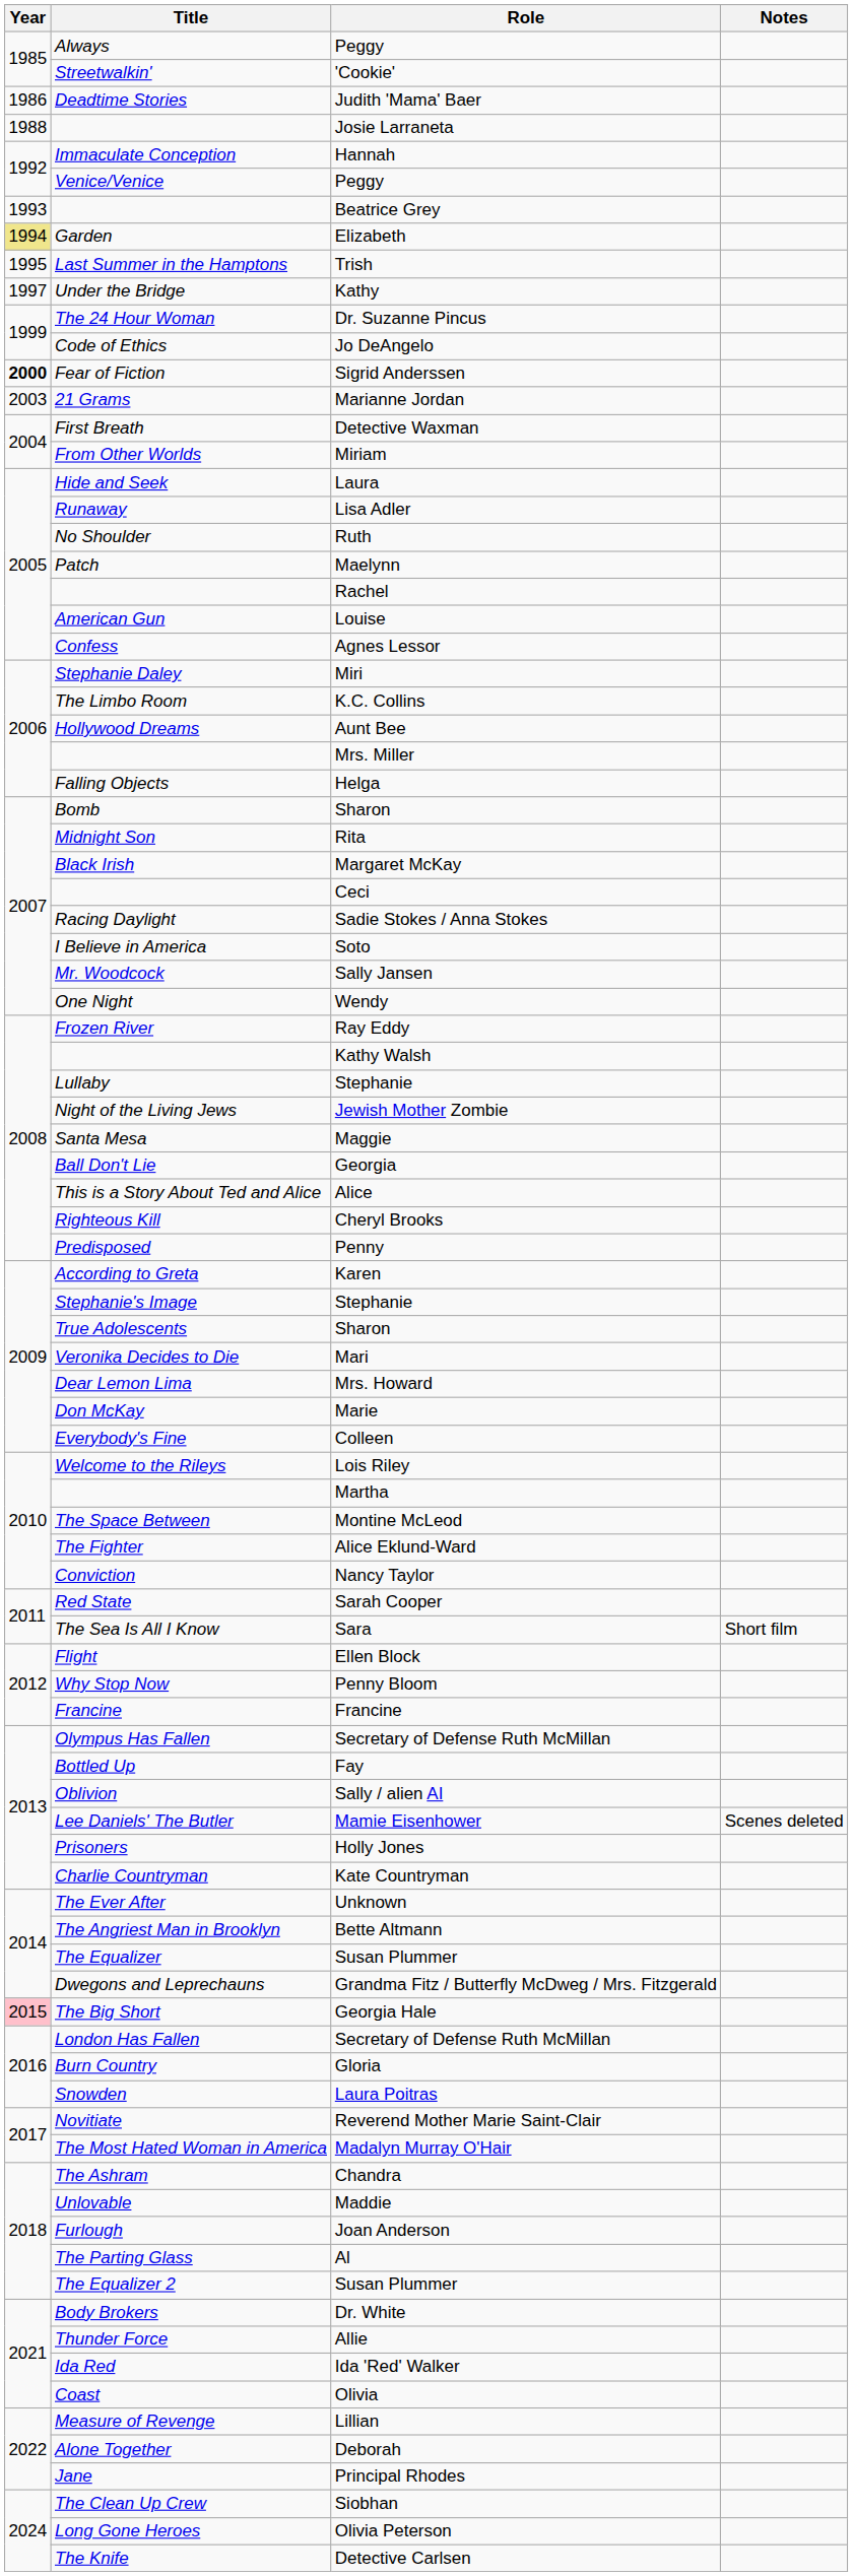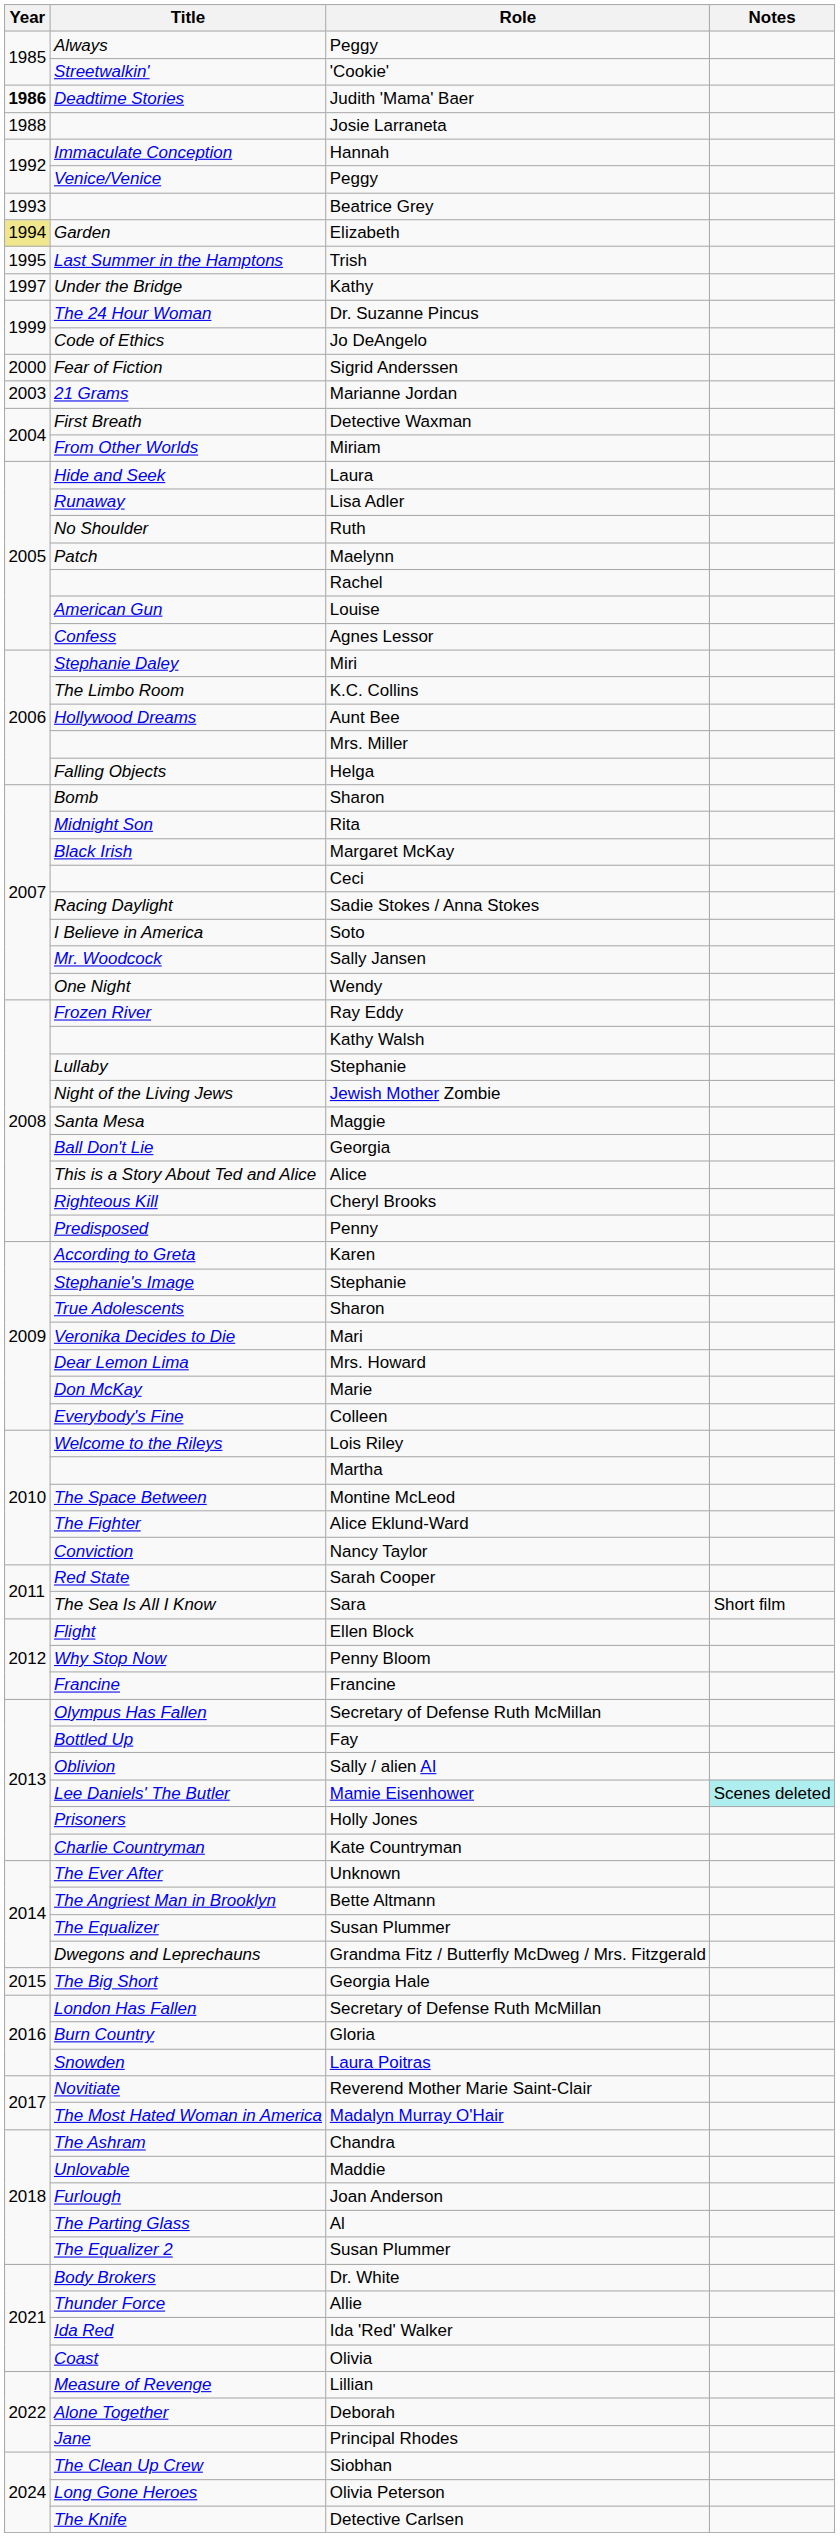 <table class="wikitable sortable">
 <tr>
 <th>Year</th>
 <th>Title</th>
 <th>Role</th>
 <th>Notes</th>
 </tr>
 <tr>
 <td rowspan="2">1985</td>
 <td><em>Always</em></td>
 <td>Peggy</td>
 <td></td>
 </tr>
 <tr>
 <td><em><a href='#'>Streetwalkin'</a></em></td>
 <td>'Cookie'</td>
 <td></td>
 </tr>
 <tr>
-<td>1986</td>
+<td><strong>1986</strong></td>
 <td><em><a href='#'>Deadtime Stories</a></em></td>
 <td>Judith 'Mama' Baer</td>
 <td></td>
 </tr>
 <tr>
 <td>1988</td>
 <td><em></em></td>
 <td>Josie Larraneta</td>
 <td></td>
 </tr>
 <tr>
 <td rowspan="2">1992</td>
 <td><em><a href='#'>Immaculate Conception</a></em></td>
 <td>Hannah</td>
 <td></td>
 </tr>
 <tr>
 <td><em><a href='#'>Venice/Venice</a></em></td>
 <td>Peggy</td>
 <td></td>
 </tr>
 <tr>
 <td>1993</td>
 <td><em></em></td>
 <td>Beatrice Grey</td>
 <td></td>
 </tr>
 <tr>
 <td style="background: khaki;">1994</td>
 <td><em>Garden</em></td>
 <td>Elizabeth</td>
 <td></td>
 </tr>
 <tr>
 <td>1995</td>
 <td><em><a href='#'>Last Summer in the Hamptons</a></em></td>
 <td>Trish</td>
 <td></td>
 </tr>
 <tr>
 <td>1997</td>
 <td><em>Under the Bridge</em></td>
 <td>Kathy</td>
 <td></td>
 </tr>
 <tr>
 <td rowspan="2">1999</td>
 <td><em><a href='#'>The 24 Hour Woman</a></em></td>
 <td>Dr. Suzanne Pincus</td>
 <td></td>
 </tr>
 <tr>
 <td><em>Code of Ethics</em></td>
 <td>Jo DeAngelo</td>
 <td></td>
 </tr>
 <tr>
-<td><strong>2000</strong></td>
+<td>2000</td>
 <td><em>Fear of Fiction</em></td>
 <td>Sigrid Anderssen</td>
 <td></td>
 </tr>
 <tr>
 <td>2003</td>
 <td><em><a href='#'>21 Grams</a></em></td>
 <td>Marianne Jordan</td>
 <td></td>
 </tr>
 <tr>
 <td rowspan="2">2004</td>
 <td><em>First Breath</em></td>
 <td>Detective Waxman</td>
 <td></td>
 </tr>
 <tr>
 <td><em><a href='#'>From Other Worlds</a></em></td>
 <td>Miriam</td>
 <td></td>
 </tr>
 <tr>
 <td rowspan="7">2005</td>
 <td><em><a href='#'>Hide and Seek</a></em></td>
 <td>Laura</td>
 <td></td>
 </tr>
 <tr>
 <td><em><a href='#'>Runaway</a></em></td>
 <td>Lisa Adler</td>
 <td></td>
 </tr>
 <tr>
 <td><em>No Shoulder</em></td>
 <td>Ruth</td>
 <td></td>
 </tr>
 <tr>
 <td><em>Patch</em></td>
 <td>Maelynn</td>
 <td></td>
 </tr>
 <tr>
 <td><em></em></td>
 <td>Rachel</td>
 <td></td>
 </tr>
 <tr>
 <td><em><a href='#'>American Gun</a></em></td>
 <td>Louise</td>
 <td></td>
 </tr>
 <tr>
 <td><em><a href='#'>Confess</a></em></td>
 <td>Agnes Lessor</td>
 <td></td>
 </tr>
 <tr>
 <td rowspan="5">2006</td>
 <td><em><a href='#'>Stephanie Daley</a></em></td>
 <td>Miri</td>
 <td></td>
 </tr>
 <tr>
 <td><em>The Limbo Room</em></td>
 <td>K.C. Collins</td>
 <td></td>
 </tr>
 <tr>
 <td><em><a href='#'>Hollywood Dreams</a></em></td>
 <td>Aunt Bee</td>
 <td></td>
 </tr>
 <tr>
 <td><em></em></td>
 <td>Mrs. Miller</td>
 <td></td>
 </tr>
 <tr>
 <td><em>Falling Objects</em></td>
 <td>Helga</td>
 <td></td>
 </tr>
 <tr>
 <td rowspan="8">2007</td>
 <td><em>Bomb</em></td>
 <td>Sharon</td>
 <td></td>
 </tr>
 <tr>
 <td><em><a href='#'>Midnight Son</a></em></td>
 <td>Rita</td>
 <td></td>
 </tr>
 <tr>
 <td><em><a href='#'>Black Irish</a></em></td>
 <td>Margaret McKay</td>
 <td></td>
 </tr>
 <tr>
 <td><em></em></td>
 <td>Ceci</td>
 <td></td>
 </tr>
 <tr>
 <td><em>Racing Daylight</em></td>
 <td>Sadie Stokes / Anna Stokes</td>
 <td></td>
 </tr>
 <tr>
 <td><em>I Believe in America</em></td>
 <td>Soto</td>
 <td></td>
 </tr>
 <tr>
 <td><em><a href='#'>Mr. Woodcock</a></em></td>
 <td>Sally Jansen</td>
 <td></td>
 </tr>
 <tr>
 <td><em>One Night</em></td>
 <td>Wendy</td>
 <td></td>
 </tr>
 <tr>
 <td rowspan="9">2008</td>
 <td><em><a href='#'>Frozen River</a></em></td>
 <td>Ray Eddy</td>
 <td></td>
 </tr>
 <tr>
 <td><em></em></td>
 <td>Kathy Walsh</td>
 <td></td>
 </tr>
 <tr>
 <td><em>Lullaby</em></td>
 <td>Stephanie</td>
 <td></td>
 </tr>
 <tr>
 <td><em>Night of the Living Jews</em></td>
 <td><a href='#'>Jewish Mother</a> Zombie</td>
 <td></td>
 </tr>
 <tr>
 <td><em>Santa Mesa</em></td>
 <td>Maggie</td>
 <td></td>
 </tr>
 <tr>
 <td><em><a href='#'>Ball Don't Lie</a></em></td>
 <td>Georgia</td>
 <td></td>
 </tr>
 <tr>
 <td><em>This is a Story About Ted and Alice</em></td>
 <td>Alice</td>
 <td></td>
 </tr>
 <tr>
 <td><em><a href='#'>Righteous Kill</a></em></td>
 <td>Cheryl Brooks</td>
 <td></td>
 </tr>
 <tr>
 <td><em><a href='#'>Predisposed</a></em></td>
 <td>Penny</td>
 <td></td>
 </tr>
 <tr>
 <td rowspan="7">2009</td>
 <td><em><a href='#'>According to Greta</a></em></td>
 <td>Karen</td>
 <td></td>
 </tr>
 <tr>
 <td><em><a href='#'>Stephanie's Image</a></em></td>
 <td>Stephanie</td>
 <td></td>
 </tr>
 <tr>
 <td><em><a href='#'>True Adolescents</a></em></td>
 <td>Sharon</td>
 <td></td>
 </tr>
 <tr>
 <td><em><a href='#'>Veronika Decides to Die</a></em></td>
 <td>Mari</td>
 <td></td>
 </tr>
 <tr>
 <td><em><a href='#'>Dear Lemon Lima</a></em></td>
 <td>Mrs. Howard</td>
 <td></td>
 </tr>
 <tr>
 <td><em><a href='#'>Don McKay</a></em></td>
 <td>Marie</td>
 <td></td>
 </tr>
 <tr>
 <td><em><a href='#'>Everybody's Fine</a></em></td>
 <td>Colleen</td>
 <td></td>
 </tr>
 <tr>
 <td rowspan="5">2010</td>
 <td><em><a href='#'>Welcome to the Rileys</a></em></td>
 <td>Lois Riley</td>
 <td></td>
 </tr>
 <tr>
 <td><em></em></td>
 <td>Martha</td>
 <td></td>
 </tr>
 <tr>
 <td><em><a href='#'>The Space Between</a></em></td>
 <td>Montine McLeod</td>
 <td></td>
 </tr>
 <tr>
 <td><em><a href='#'>The Fighter</a></em></td>
 <td>Alice Eklund-Ward</td>
 <td></td>
 </tr>
 <tr>
 <td><em><a href='#'>Conviction</a></em></td>
 <td>Nancy Taylor</td>
 <td></td>
 </tr>
 <tr>
 <td rowspan="2">2011</td>
 <td><em><a href='#'>Red State</a></em></td>
 <td>Sarah Cooper</td>
 <td></td>
 </tr>
 <tr>
 <td><em>The Sea Is All I Know</em></td>
 <td>Sara</td>
 <td>Short film</td>
 </tr>
 <tr>
 <td rowspan="3">2012</td>
 <td><em><a href='#'>Flight</a></em></td>
 <td>Ellen Block</td>
 <td></td>
 </tr>
 <tr>
 <td><em><a href='#'>Why Stop Now</a></em></td>
 <td>Penny Bloom</td>
 <td></td>
 </tr>
 <tr>
 <td><em><a href='#'>Francine</a></em></td>
 <td>Francine</td>
 <td></td>
 </tr>
 <tr>
 <td rowspan="6">2013</td>
 <td><em><a href='#'>Olympus Has Fallen</a></em></td>
 <td>Secretary of Defense Ruth McMillan</td>
 <td></td>
 </tr>
 <tr>
 <td><em><a href='#'>Bottled Up</a></em></td>
 <td>Fay</td>
 <td></td>
 </tr>
 <tr>
 <td><em><a href='#'>Oblivion</a></em></td>
 <td>Sally / alien <a href='#'>AI</a></td>
 <td></td>
 </tr>
 <tr>
 <td><em><a href='#'>Lee Daniels' The Butler</a></em></td>
 <td><a href='#'>Mamie Eisenhower</a></td>
-<td>Scenes deleted</td>
+<td style="background: paleturquoise;">Scenes deleted</td>
 </tr>
 <tr>
 <td><em><a href='#'>Prisoners</a></em></td>
 <td>Holly Jones</td>
 <td></td>
 </tr>
 <tr>
 <td><em><a href='#'>Charlie Countryman</a></em></td>
 <td>Kate Countryman</td>
 <td></td>
 </tr>
 <tr>
 <td rowspan="4">2014</td>
 <td><em><a href='#'>The Ever After</a></em></td>
 <td>Unknown</td>
 <td></td>
 </tr>
 <tr>
 <td><em><a href='#'>The Angriest Man in Brooklyn</a></em></td>
 <td>Bette Altmann</td>
 <td></td>
 </tr>
 <tr>
 <td><em><a href='#'>The Equalizer</a></em></td>
 <td>Susan Plummer</td>
 <td></td>
 </tr>
 <tr>
 <td><em>Dwegons and Leprechauns</em></td>
 <td>Grandma Fitz / Butterfly McDweg / Mrs. Fitzgerald</td>
 <td></td>
 </tr>
 <tr>
-<td style="background: pink;">2015</td>
+<td>2015</td>
 <td><em><a href='#'>The Big Short</a></em></td>
 <td>Georgia Hale</td>
 <td></td>
 </tr>
 <tr>
 <td rowspan="3">2016</td>
 <td><em><a href='#'>London Has Fallen</a></em></td>
 <td>Secretary of Defense Ruth McMillan</td>
 <td></td>
 </tr>
 <tr>
 <td><em><a href='#'>Burn Country</a></em></td>
 <td>Gloria</td>
 <td></td>
 </tr>
 <tr>
 <td><em><a href='#'>Snowden</a></em></td>
 <td><a href='#'>Laura Poitras</a></td>
 <td></td>
 </tr>
 <tr>
 <td rowspan="2">2017</td>
 <td><em><a href='#'>Novitiate</a></em></td>
 <td>Reverend Mother Marie Saint-Clair</td>
 <td></td>
 </tr>
 <tr>
 <td><em><a href='#'>The Most Hated Woman in America</a></em></td>
 <td><a href='#'>Madalyn Murray O'Hair</a></td>
 <td></td>
 </tr>
 <tr>
 <td rowspan="5">2018</td>
 <td><em><a href='#'>The Ashram</a></em></td>
 <td>Chandra</td>
 <td></td>
 </tr>
 <tr>
 <td><em><a href='#'>Unlovable</a></em></td>
 <td>Maddie</td>
 <td></td>
 </tr>
 <tr>
 <td><em><a href='#'>Furlough</a></em></td>
 <td>Joan Anderson</td>
 <td></td>
 </tr>
 <tr>
 <td><em><a href='#'>The Parting Glass</a></em></td>
 <td>Al</td>
 <td></td>
 </tr>
 <tr>
 <td><em><a href='#'>The Equalizer 2</a></em></td>
 <td>Susan Plummer</td>
 <td></td>
 </tr>
 <tr>
 <td rowspan="4">2021</td>
 <td><em><a href='#'>Body Brokers</a></em></td>
 <td>Dr. White</td>
 <td></td>
 </tr>
 <tr>
 <td><em><a href='#'>Thunder Force</a></em></td>
 <td>Allie</td>
 <td></td>
 </tr>
 <tr>
 <td><em><a href='#'>Ida Red</a></em></td>
 <td>Ida 'Red' Walker</td>
 <td></td>
 </tr>
 <tr>
 <td><em><a href='#'>Coast</a></em></td>
 <td>Olivia</td>
 <td></td>
 </tr>
 <tr>
 <td rowspan="3">2022</td>
 <td><em><a href='#'>Measure of Revenge</a></em></td>
 <td>Lillian</td>
 <td></td>
 </tr>
 <tr>
 <td><em><a href='#'>Alone Together</a></em></td>
 <td>Deborah</td>
 <td></td>
 </tr>
 <tr>
 <td><em><a href='#'>Jane</a></em></td>
 <td>Principal Rhodes</td>
 <td></td>
 </tr>
 <tr>
 <td rowspan="3">2024</td>
 <td><em><a href='#'>The Clean Up Crew</a></em></td>
 <td>Siobhan</td>
 <td></td>
 </tr>
 <tr>
 <td><em><a href='#'>Long Gone Heroes</a></em></td>
 <td>Olivia Peterson</td>
 <td></td>
 </tr>
 <tr>
 <td><em><a href='#'>The Knife</a></em></td>
 <td>Detective Carlsen</td>
 <td></td>
 </tr>
 </table>
